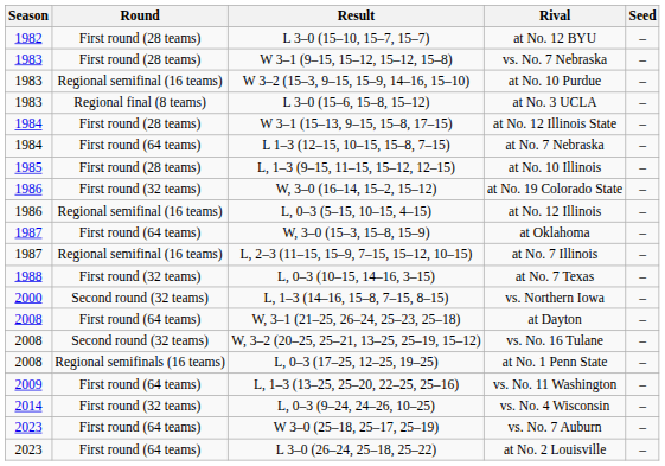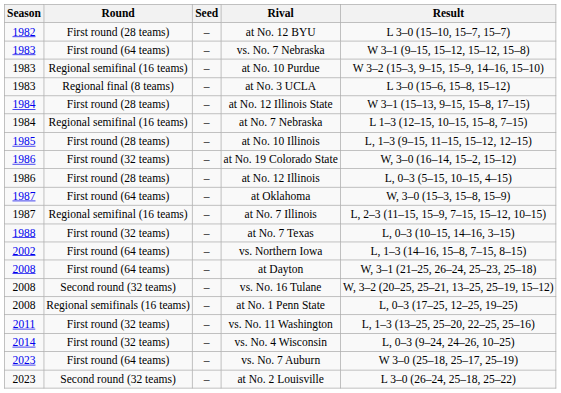 <table class="wikitable" style="text-align: center;">
 <tr>
 <th width=px>Season</th>
 <th width=px>Round</th>
+<th width=px>Seed</th>
+<th width=px>Rival</th>
 <th width=px>Result</th>
-<th width=px>Rival</th>
-<th width=px>Seed</th>
 </tr>
 <tr>
 <td><a href='#'>1982</a></td>
 <td align=center>First round (28 teams)</td>
+<td align=center>–</td>
+<td>at No. 12 BYU</td>
 <td align=center>L 3–0 (15–10, 15–7, 15–7)</td>
-<td>at No. 12 BYU</td>
-<td align=center>–</td>
 </tr>
 <tr>
 <td><a href='#'>1983</a></td>
-<td align=center>First round (28 teams)</td>
+<td align=center>First round (64 teams)</td>
+<td align=center>–</td>
+<td>vs. No. 7 Nebraska</td>
 <td align=center>W 3–1 (9–15, 15–12, 15–12, 15–8)</td>
-<td>vs. No. 7 Nebraska</td>
-<td align=center>–</td>
 </tr>
 <tr>
 <td>1983</td>
 <td align=center>Regional semifinal (16 teams)</td>
+<td align=center>–</td>
+<td>at No. 10 Purdue</td>
 <td align=center>W 3–2 (15–3, 9–15, 15–9, 14–16, 15–10)</td>
-<td>at No. 10 Purdue</td>
-<td align=center>–</td>
 </tr>
 <tr>
 <td>1983</td>
 <td align=center>Regional final (8 teams)</td>
+<td align=center>–</td>
+<td>at No. 3 UCLA</td>
 <td align=center>L 3–0 (15–6, 15–8, 15–12)</td>
-<td>at No. 3 UCLA</td>
-<td align=center>–</td>
 </tr>
 <tr>
 <td><a href='#'>1984</a></td>
 <td align=center>First round (28 teams)</td>
+<td align=center>–</td>
+<td>at No. 12 Illinois State</td>
 <td align=center>W 3–1 (15–13, 9–15, 15–8, 17–15)</td>
-<td>at No. 12 Illinois State</td>
-<td align=center>–</td>
 </tr>
 <tr>
 <td>1984</td>
-<td align=center>First round (64 teams)</td>
+<td align=center>Regional semifinal (16 teams)</td>
+<td align=center>–</td>
+<td>at No. 7 Nebraska</td>
 <td align=center>L 1–3 (12–15, 10–15, 15–8, 7–15)</td>
-<td>at No. 7 Nebraska</td>
-<td align=center>–</td>
 </tr>
 <tr>
 <td><a href='#'>1985</a></td>
 <td align=center>First round (28 teams)</td>
+<td align=center>–</td>
+<td>at No. 10 Illinois</td>
 <td align=center>L, 1–3 (9–15, 11–15, 15–12, 12–15)</td>
-<td>at No. 10 Illinois</td>
-<td align=center>–</td>
 </tr>
 <tr>
 <td><a href='#'>1986</a></td>
 <td align=center>First round (32 teams)</td>
+<td align=center>–</td>
+<td>at No. 19 Colorado State</td>
 <td align=center>W, 3–0 (16–14, 15–2, 15–12)</td>
-<td>at No. 19 Colorado State</td>
-<td align=center>–</td>
 </tr>
 <tr>
 <td>1986</td>
-<td align=center>Regional semifinal (16 teams)</td>
+<td align=center>First round (28 teams)</td>
+<td align=center>–</td>
+<td>at No. 12 Illinois</td>
 <td align=center>L, 0–3 (5–15, 10–15, 4–15)</td>
-<td>at No. 12 Illinois</td>
-<td align=center>–</td>
 </tr>
 <tr>
 <td><a href='#'>1987</a></td>
 <td align=center>First round (64 teams)</td>
+<td align=center>–</td>
+<td>at Oklahoma</td>
 <td align=center>W, 3–0 (15–3, 15–8, 15–9)</td>
-<td>at Oklahoma</td>
-<td align=center>–</td>
 </tr>
 <tr>
 <td>1987</td>
 <td align=center>Regional semifinal (16 teams)</td>
+<td align=center>–</td>
+<td>at No. 7 Illinois</td>
 <td align=center>L, 2–3 (11–15, 15–9, 7–15, 15–12, 10–15)</td>
-<td>at No. 7 Illinois</td>
-<td align=center>–</td>
 </tr>
 <tr>
 <td><a href='#'>1988</a></td>
 <td align=center>First round (32 teams)</td>
+<td align=center>–</td>
+<td>at No. 7 Texas</td>
 <td align=center>L, 0–3 (10–15, 14–16, 3–15)</td>
-<td>at No. 7 Texas</td>
-<td align=center>–</td>
 </tr>
 <tr>
-<td><a href='#'>2000</a></td>
-<td align=center>Second round (32 teams)</td>
+<td><a href='#'>2002</a></td>
+<td align=center>First round (64 teams)</td>
+<td align=center>–</td>
+<td>vs. Northern Iowa</td>
 <td align=center>L, 1–3 (14–16, 15–8, 7–15, 8–15)</td>
-<td>vs. Northern Iowa</td>
-<td align=center>–</td>
 </tr>
 <tr>
 <td><a href='#'>2008</a></td>
 <td align=center>First round (64 teams)</td>
+<td align=center>–</td>
+<td>at Dayton</td>
 <td align=center>W, 3–1 (21–25, 26–24, 25–23, 25–18)</td>
-<td>at Dayton</td>
-<td align=center>–</td>
 </tr>
 <tr>
 <td>2008</td>
 <td align=center>Second round (32 teams)</td>
+<td align=center>–</td>
+<td>vs. No. 16 Tulane</td>
 <td align=center>W, 3–2 (20–25, 25–21, 13–25, 25–19, 15–12)</td>
-<td>vs. No. 16 Tulane</td>
-<td align=center>–</td>
 </tr>
 <tr>
 <td>2008</td>
 <td align=center>Regional semifinals (16 teams)</td>
+<td align=center>–</td>
+<td>at No. 1 Penn State</td>
 <td align=center>L, 0–3 (17–25, 12–25, 19–25)</td>
-<td>at No. 1 Penn State</td>
-<td align=center>–</td>
 </tr>
 <tr>
-<td><a href='#'>2009</a></td>
-<td align=center>First round (64 teams)</td>
+<td><a href='#'>2011</a></td>
+<td align=center>First round (32 teams)</td>
+<td align=center>–</td>
+<td>vs. No. 11 Washington</td>
 <td align=center>L, 1–3 (13–25, 25–20, 22–25, 25–16)</td>
-<td>vs. No. 11 Washington</td>
-<td align=center>–</td>
 </tr>
 <tr>
 <td><a href='#'>2014</a></td>
 <td align=center>First round (32 teams)</td>
+<td align=center>–</td>
+<td>vs. No. 4 Wisconsin</td>
 <td align=center>L, 0–3 (9–24, 24–26, 10–25)</td>
-<td>vs. No. 4 Wisconsin</td>
-<td align=center>–</td>
 </tr>
 <tr>
 <td><a href='#'>2023</a></td>
 <td align=center>First round (64 teams)</td>
+<td align=center>–</td>
+<td>vs. No. 7 Auburn</td>
 <td align=center>W 3–0 (25–18, 25–17, 25–19)</td>
-<td>vs. No. 7 Auburn</td>
-<td align=center>–</td>
 </tr>
 <tr>
 <td>2023</td>
-<td align=center>First round (64 teams)</td>
+<td align=center>Second round (32 teams)</td>
+<td align=center>–</td>
+<td>at No. 2 Louisville</td>
 <td align=center>L 3–0 (26–24, 25–18, 25–22)</td>
-<td>at No. 2 Louisville</td>
-<td align=center>–</td>
 </tr>
 </table>
